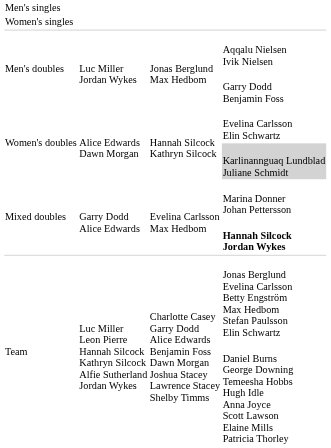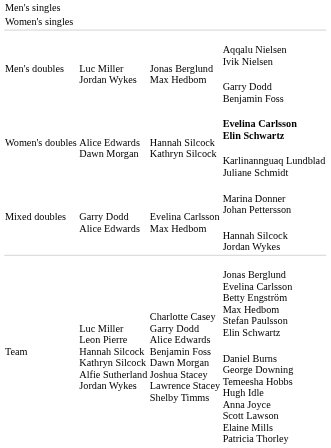 <table>
 <tr>
 <td Rowspan=2>Men's singles</td>
 <td Rowspan=2></td>
 <td Rowspan=2></td>
 <td> </td>
 </tr>
 <tr>
 <td></td>
 </tr>
 <tr>
 <td Rowspan=2>Women's singles</td>
 <td Rowspan=2></td>
 <td Rowspan=2></td>
 <td></td>
 </tr>
 <tr>
 <td></td>
 </tr>
 <tr bgcolor=#dddddd>
 <td colspan=5></td>
 </tr>
 <tr>
 <td Rowspan=2>Men's doubles</td>
 <td Rowspan=2> <br> Luc Miller <br> Jordan Wykes</td>
 <td Rowspan=2> <br> Jonas Berglund <br> Max Hedbom</td>
 <td> <br> Aqqalu Nielsen <br> Ivik Nielsen</td>
 </tr>
 <tr>
 <td> <br> Garry Dodd <br> Benjamin Foss</td>
 </tr>
 <tr>
 <td Rowspan=2>Women's doubles</td>
 <td Rowspan=2> <br> Alice Edwards <br> Dawn Morgan</td>
 <td Rowspan=2> <br> Hannah Silcock <br> Kathryn Silcock</td>
-<td> <br> Evelina Carlsson <br> Elin Schwartz</td>
+<td><strong> <br> Evelina Carlsson <br> Elin Schwartz</strong></td>
 </tr>
 <tr>
-<td nowrap style="background: lightgrey;"> <br> Karlinannguaq Lundblad <br> Juliane Schmidt</td>
+<td nowrap> <br> Karlinannguaq Lundblad <br> Juliane Schmidt</td>
 </tr>
 <tr>
 <td Rowspan=2>Mixed doubles</td>
 <td Rowspan=2> <br> Garry Dodd <br> Alice Edwards</td>
 <td Rowspan=2> <br> Evelina Carlsson <br> Max Hedbom</td>
 <td> <br> Marina Donner <br> Johan Pettersson</td>
 </tr>
 <tr>
-<td><strong> <br> Hannah Silcock <br> Jordan Wykes</strong></td>
+<td> <br> Hannah Silcock <br> Jordan Wykes</td>
 </tr>
 <tr bgcolor=#dddddd>
 <td colspan=5></td>
 </tr>
 <tr>
 <td Rowspan=2>Team</td>
 <td Rowspan=2 nowrap> <br> Luc Miller<br> Leon Pierre <br>Hannah Silcock <br>Kathryn Silcock <br>Alfie Sutherland <br>Jordan Wykes</td>
 <td Rowspan=2 nowrap> <br> Charlotte Casey <br> Garry Dodd <br> Alice Edwards <br> Benjamin Foss <br> Dawn Morgan <br> Joshua Stacey <br> Lawrence Stacey <br> Shelby Timms</td>
 <td> <br> Jonas Berglund <br>Evelina Carlsson <br> Betty Engström <br> Max Hedbom <br> Stefan Paulsson <br> Elin Schwartz</td>
 </tr>
 <tr>
 <td nowrap> <br>Daniel Burns <br>George Downing <br> Temeesha Hobbs <br>Hugh Idle <br>Anna Joyce <br> Scott Lawson <br>Elaine Mills <br>Patricia Thorley</td>
 </tr>
 </table>
